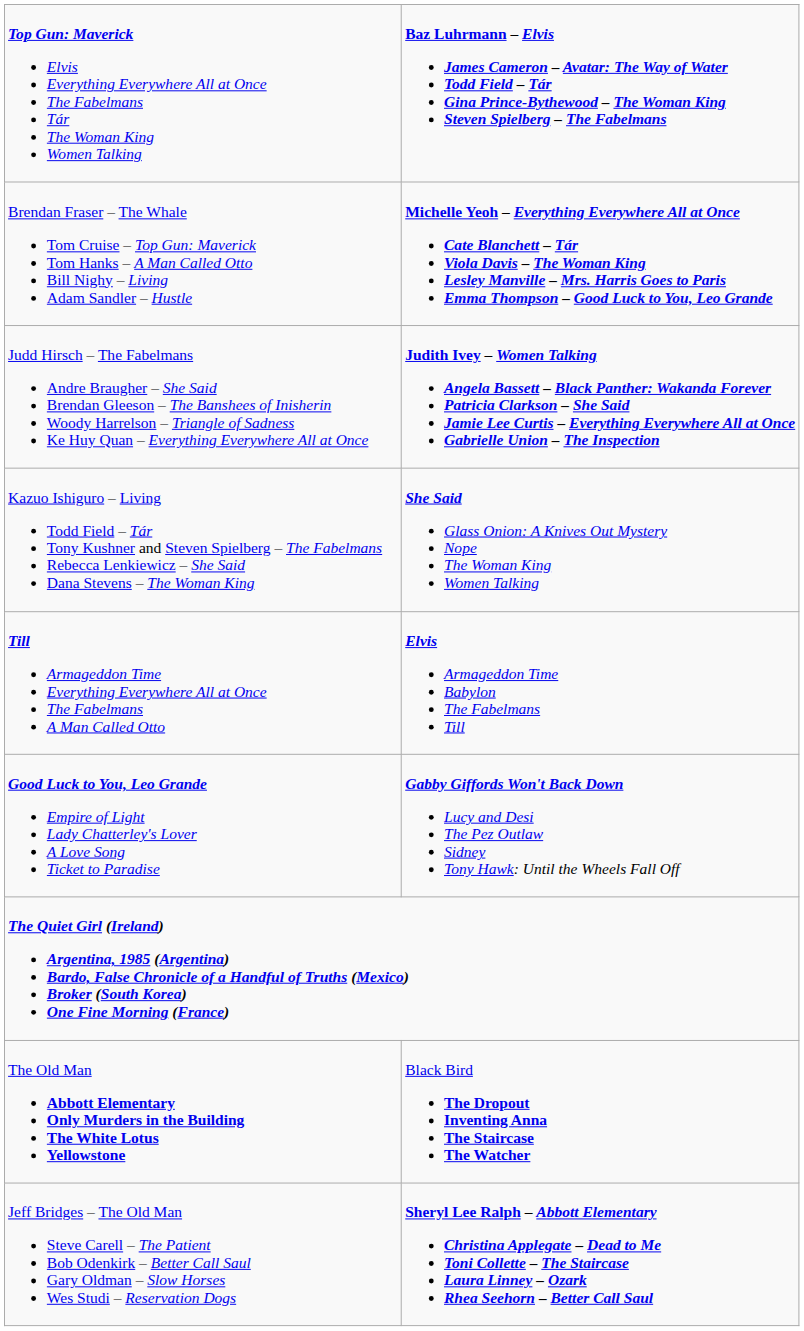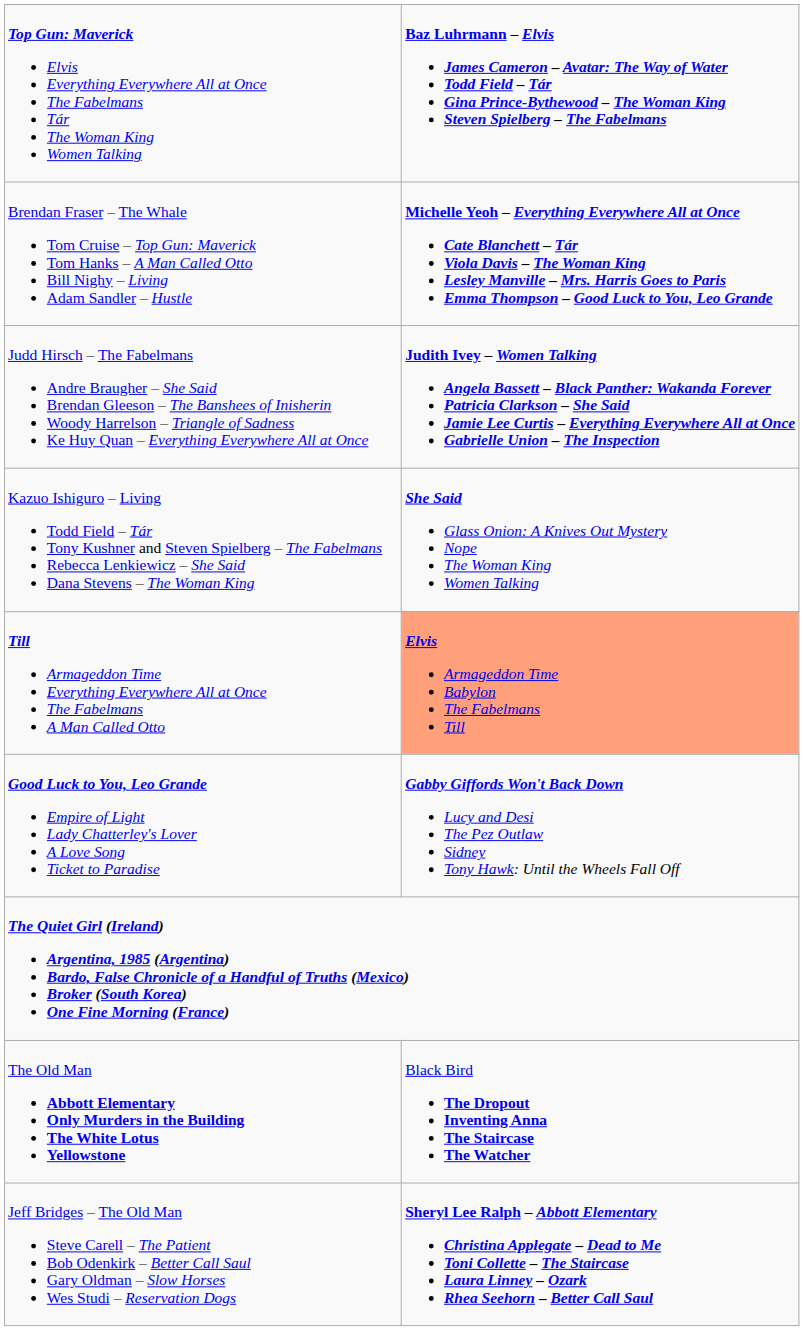 <table class=wikitable>
 <tr>
 <td style="vertical-align:top; width:50%;"><br> <strong><em><a href='#'>Top Gun: Maverick</a></em></strong><ul><li><em><a href='#'>Elvis</a></em></li><li><em><a href='#'>Everything Everywhere All at Once</a></em></li><li><em><a href='#'>The Fabelmans</a></em></li><li><em><a href='#'>Tár</a></em></li><li><em><a href='#'>The Woman King</a></em></li><li><em><a href='#'>Women Talking</a></em></li></ul></td>
 <td style="vertical-align:top; width:50%;"><br> <strong><a href='#'>Baz Luhrmann</a> – <em><a href='#'>Elvis</a><strong><em><ul><li><a href='#'>James Cameron</a> – </em><a href='#'>Avatar: The Way of Water</a><em></li><li><a href='#'>Todd Field</a> – </em><a href='#'>Tár</a><em></li><li><a href='#'>Gina Prince-Bythewood</a> – </em><a href='#'>The Woman King</a><em></li><li><a href='#'>Steven Spielberg</a> – </em><a href='#'>The Fabelmans</a><em></li></ul></td>
 </tr>
 <tr>
 <td style="vertical-align:top; width:50%;"><br> </strong><a href='#'>Brendan Fraser</a> – </em><a href='#'>The Whale</a></em></strong><ul><li><a href='#'>Tom Cruise</a> – <em><a href='#'>Top Gun: Maverick</a></em></li><li><a href='#'>Tom Hanks</a> – <em><a href='#'>A Man Called Otto</a></em></li><li><a href='#'>Bill Nighy</a> – <em><a href='#'>Living</a></em></li><li><a href='#'>Adam Sandler</a> – <em><a href='#'>Hustle</a></em></li></ul></td>
 <td style="vertical-align:top; width:50%;"><br> <strong><a href='#'>Michelle Yeoh</a> – <em><a href='#'>Everything Everywhere All at Once</a><strong><em><ul><li><a href='#'>Cate Blanchett</a> – </em><a href='#'>Tár</a><em></li><li><a href='#'>Viola Davis</a> – </em><a href='#'>The Woman King</a><em></li><li><a href='#'>Lesley Manville</a> – </em><a href='#'>Mrs. Harris Goes to Paris</a><em></li><li><a href='#'>Emma Thompson</a> – </em><a href='#'>Good Luck to You, Leo Grande</a><em></li></ul></td>
 </tr>
 <tr>
 <td style="vertical-align:top; width:50%;"><br> </strong><a href='#'>Judd Hirsch</a> – </em><a href='#'>The Fabelmans</a></em></strong><ul><li><a href='#'>Andre Braugher</a> – <em><a href='#'>She Said</a></em></li><li><a href='#'>Brendan Gleeson</a> – <em><a href='#'>The Banshees of Inisherin</a></em></li><li><a href='#'>Woody Harrelson</a> – <em><a href='#'>Triangle of Sadness</a></em></li><li><a href='#'>Ke Huy Quan</a> – <em><a href='#'>Everything Everywhere All at Once</a></em></li></ul></td>
 <td style="vertical-align:top; width:50%;"><br> <strong><a href='#'>Judith Ivey</a> – <em><a href='#'>Women Talking</a><strong><em><ul><li><a href='#'>Angela Bassett</a> – </em><a href='#'>Black Panther: Wakanda Forever</a><em></li><li><a href='#'>Patricia Clarkson</a> – </em><a href='#'>She Said</a><em></li><li><a href='#'>Jamie Lee Curtis</a> – </em><a href='#'>Everything Everywhere All at Once</a><em></li><li><a href='#'>Gabrielle Union</a> – </em><a href='#'>The Inspection</a><em></li></ul></td>
 </tr>
 <tr>
 <td style="vertical-align:top; width:50%;"><br> </strong><a href='#'>Kazuo Ishiguro</a> – </em><a href='#'>Living</a></em></strong><ul><li><a href='#'>Todd Field</a> – <em><a href='#'>Tár</a></em></li><li><a href='#'>Tony Kushner</a> and <a href='#'>Steven Spielberg</a> – <em><a href='#'>The Fabelmans</a></em></li><li><a href='#'>Rebecca Lenkiewicz</a> – <em><a href='#'>She Said</a></em></li><li><a href='#'>Dana Stevens</a> – <em><a href='#'>The Woman King</a></em></li></ul></td>
 <td style="vertical-align:top; width:50%;"><br> <strong><em><a href='#'>She Said</a></em></strong><ul><li><em><a href='#'>Glass Onion: A Knives Out Mystery</a></em></li><li><em><a href='#'>Nope</a></em></li><li><em><a href='#'>The Woman King</a></em></li><li><em><a href='#'>Women Talking</a></em></li></ul></td>
 </tr>
 <tr>
 <td style="vertical-align:top; width:50%;"><br> <strong><em><a href='#'>Till</a></em></strong><ul><li><em><a href='#'>Armageddon Time</a></em></li><li><em><a href='#'>Everything Everywhere All at Once</a></em></li><li><em><a href='#'>The Fabelmans</a></em></li><li><em><a href='#'>A Man Called Otto</a></em></li></ul></td>
-<td style="vertical-align:top; width:50%;"><br> <strong><em><a href='#'>Elvis</a></em></strong><ul><li><em><a href='#'>Armageddon Time</a></em></li><li><em><a href='#'>Babylon</a></em></li><li><em><a href='#'>The Fabelmans</a></em></li><li><em><a href='#'>Till</a></em></li></ul></td>
+<td style="background: lightsalmon; vertical-align:top; width:50%;"><br> <strong><em><a href='#'>Elvis</a></em></strong><ul><li><em><a href='#'>Armageddon Time</a></em></li><li><em><a href='#'>Babylon</a></em></li><li><em><a href='#'>The Fabelmans</a></em></li><li><em><a href='#'>Till</a></em></li></ul></td>
 </tr>
 <tr>
 <td style="vertical-align:top; width:50%;"><br> <strong><em><a href='#'>Good Luck to You, Leo Grande</a></em></strong><ul><li><em><a href='#'>Empire of Light</a></em></li><li><em><a href='#'>Lady Chatterley's Lover</a></em></li><li><em><a href='#'>A Love Song</a></em></li><li><em><a href='#'>Ticket to Paradise</a></em></li></ul></td>
 <td style="vertical-align:top; width:50%;"><br> <strong><em><a href='#'>Gabby Giffords Won't Back Down</a></em></strong><ul><li><em><a href='#'>Lucy and Desi</a></em></li><li><em><a href='#'>The Pez Outlaw</a></em></li><li><em><a href='#'>Sidney</a></em></li><li><em><a href='#'>Tony Hawk</a>: Until the Wheels Fall Off</em></li></ul></td>
 </tr>
 <tr>
 <td colspan="2" valign="top" width="50%"><br> <strong><em><a href='#'>The Quiet Girl</a><em> (<a href='#'>Ireland</a>)<strong><ul><li></em><a href='#'>Argentina, 1985</a><em> (<a href='#'>Argentina</a>)</li><li></em><a href='#'>Bardo, False Chronicle of a Handful of Truths</a><em> (<a href='#'>Mexico</a>)</li><li></em><a href='#'>Broker</a><em> (<a href='#'>South Korea</a>)</li><li></em><a href='#'>One Fine Morning</a><em> (<a href='#'>France</a>)</li></ul></td>
 </tr>
 <tr>
 <td style="vertical-align:top; width:50%;"><br> </em></strong><a href='#'>The Old Man</a><strong><em><ul><li></em><a href='#'>Abbott Elementary</a><em></li><li></em><a href='#'>Only Murders in the Building</a><em></li><li></em><a href='#'>The White Lotus</a><em></li><li></em><a href='#'>Yellowstone</a><em></li></ul></td>
 <td style="vertical-align:top; width:50%;"><br> </em></strong><a href='#'>Black Bird</a><strong><em><ul><li></em><a href='#'>The Dropout</a><em></li><li></em><a href='#'>Inventing Anna</a><em></li><li></em><a href='#'>The Staircase</a><em></li><li></em><a href='#'>The Watcher</a><em></li></ul></td>
 </tr>
 <tr>
 <td style="vertical-align:top; width:50%;"><br> </strong><a href='#'>Jeff Bridges</a> – </em><a href='#'>The Old Man</a></em></strong><ul><li><a href='#'>Steve Carell</a> – <em><a href='#'>The Patient</a></em></li><li><a href='#'>Bob Odenkirk</a> – <em><a href='#'>Better Call Saul</a></em></li><li><a href='#'>Gary Oldman</a> – <em><a href='#'>Slow Horses</a></em></li><li><a href='#'>Wes Studi</a> – <em><a href='#'>Reservation Dogs</a></em></li></ul></td>
 <td style="vertical-align:top; width:50%;"><br> <strong><a href='#'>Sheryl Lee Ralph</a> – <em><a href='#'>Abbott Elementary</a><strong><em><ul><li><a href='#'>Christina Applegate</a> – </em><a href='#'>Dead to Me</a><em></li><li><a href='#'>Toni Collette</a> – </em><a href='#'>The Staircase</a><em></li><li><a href='#'>Laura Linney</a> – </em><a href='#'>Ozark</a><em></li><li><a href='#'>Rhea Seehorn</a> – </em><a href='#'>Better Call Saul</a><em></li></ul></td>
 </tr>
 </table>
